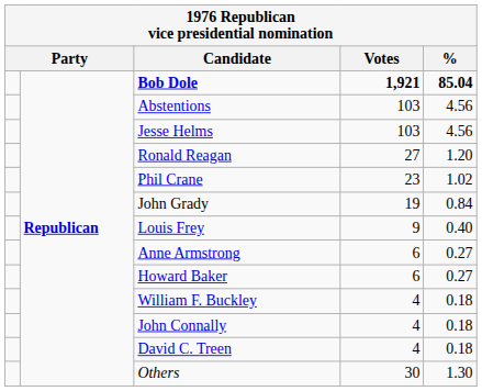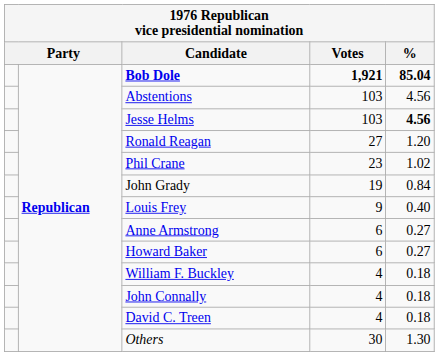 <table class="wikitable">
 <tr>
 <th colspan=5 style="background:#f5f5f5">1976 Republican<br>vice presidential nomination</th>
 </tr>
 <tr>
 <th style="width: 8em;" colspan=2>Party</th>
 <th>Candidate</th>
 <th>Votes</th>
 <th>%</th>
 </tr>
 <tr>
 <td style="background-color: "></td>
 <td style="width: 7em;" rowspan=13><strong><a href='#'>Republican</a></strong></td>
 <td style="width: 13em;"><strong><a href='#'>Bob Dole</a></strong></td>
 <td style="width: 5em; text-align:right"><strong>1,921</strong></td>
 <td style="width: 3em; text-align:right"><strong>85.04</strong></td>
 </tr>
 <tr>
 <td style="background-color: "></td>
 <td><a href='#'>Abstentions</a></td>
 <td style="text-align:right">103</td>
 <td style="text-align:right">4.56</td>
 </tr>
 <tr>
 <td style="background-color: "></td>
 <td><a href='#'>Jesse Helms</a></td>
 <td style="text-align:right">103</td>
-<td style="text-align:right">4.56</td>
+<td style="text-align:right"><strong>4.56</strong></td>
 </tr>
 <tr>
 <td style="background-color: "></td>
 <td><a href='#'>Ronald Reagan</a></td>
 <td style="text-align:right">27</td>
 <td style="text-align:right">1.20</td>
 </tr>
 <tr>
 <td style="background-color: "></td>
 <td><a href='#'>Phil Crane</a></td>
 <td style="text-align:right">23</td>
 <td style="text-align:right">1.02</td>
 </tr>
 <tr>
 <td style="background-color: "></td>
 <td>John Grady</td>
 <td style="text-align:right">19</td>
 <td style="text-align:right">0.84</td>
 </tr>
 <tr>
 <td style="background-color: "></td>
 <td><a href='#'>Louis Frey</a></td>
 <td style="text-align:right">9</td>
 <td style="text-align:right">0.40</td>
 </tr>
 <tr>
 <td style="background-color: "></td>
 <td><a href='#'>Anne Armstrong</a></td>
 <td style="text-align:right">6</td>
 <td style="text-align:right">0.27</td>
 </tr>
 <tr>
 <td style="background-color: "></td>
 <td><a href='#'>Howard Baker</a></td>
 <td style="text-align:right">6</td>
 <td style="text-align:right">0.27</td>
 </tr>
 <tr>
 <td style="background-color: "></td>
 <td><a href='#'>William F. Buckley</a></td>
 <td style="text-align:right">4</td>
 <td style="text-align:right">0.18</td>
 </tr>
 <tr>
 <td style="background-color: "></td>
 <td><a href='#'>John Connally</a></td>
 <td style="text-align:right">4</td>
 <td style="text-align:right">0.18</td>
 </tr>
 <tr>
 <td style="background-color: "></td>
 <td><a href='#'>David C. Treen</a></td>
 <td style="text-align:right">4</td>
 <td style="text-align:right">0.18</td>
 </tr>
 <tr>
 <td style="background-color: "></td>
 <td><em>Others</em></td>
 <td style="text-align:right">30</td>
 <td style="text-align:right">1.30</td>
 </tr>
 </table>
